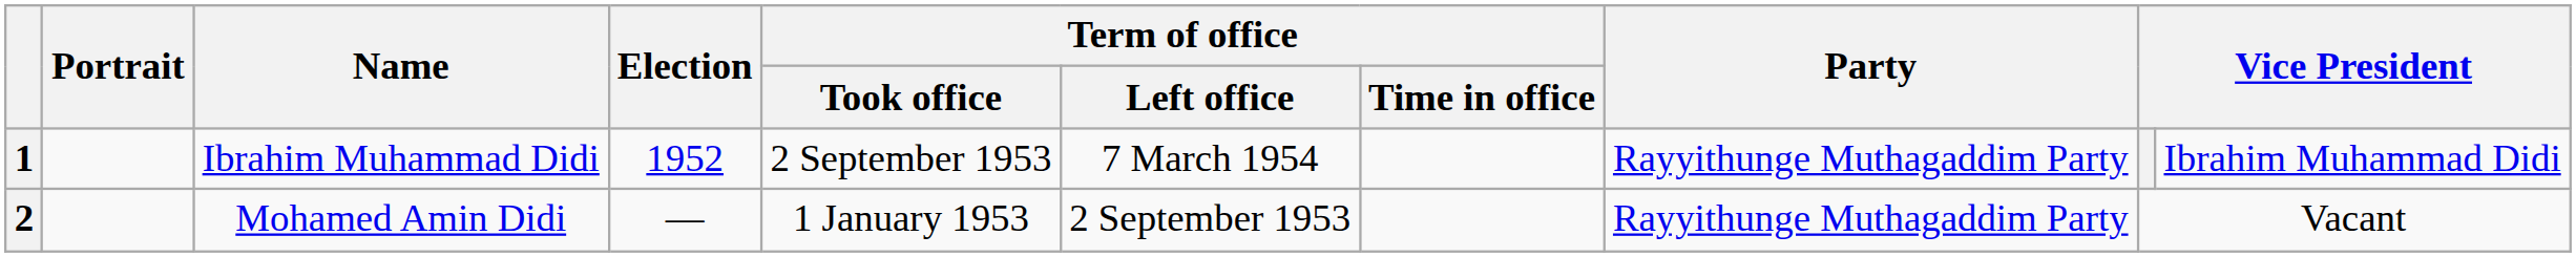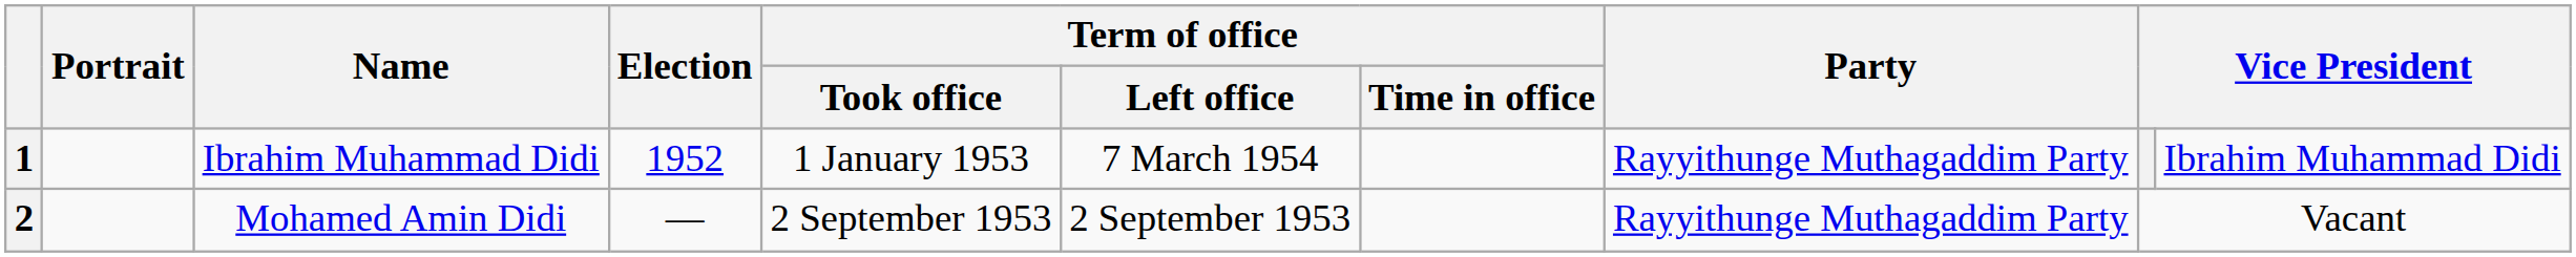 <table class="wikitable" style="text-align:center; font-size:100%;">
 <tr>
 <th rowspan="2"></th>
 <th rowspan="2">Portrait</th>
 <th rowspan="2">Name<br></th>
 <th rowspan="2">Election</th>
 <th colspan="3">Term of office</th>
 <th rowspan="2">Party</th>
 <th colspan="2" rowspan="2"><a href='#'>Vice President</a></th>
 </tr>
 <tr>
 <th>Took office</th>
 <th>Left office</th>
 <th>Time in office</th>
 </tr>
 <tr>
 <th style="background:">1</th>
 <td></td>
 <td><a href='#'>Ibrahim Muhammad Didi</a><br></td>
 <td><a href='#'>1952</a></td>
-<td>2 September 1953</td>
+<td>1 January 1953</td>
 <td>7 March 1954</td>
 <td></td>
 <td><a href='#'>Rayyithunge Muthagaddim Party</a></td>
 <th style="background:"></th>
 <td><a href='#'>Ibrahim Muhammad Didi</a></td>
 </tr>
 <tr>
 <th style="background:">2</th>
 <td></td>
 <td><a href='#'>Mohamed Amin Didi</a><br></td>
 <td>—</td>
-<td>1 January 1953</td>
+<td>2 September 1953</td>
 <td>2 September 1953</td>
 <td></td>
 <td><a href='#'>Rayyithunge Muthagaddim Party</a></td>
 <td colspan="2">Vacant</td>
 </tr>
 </table>
